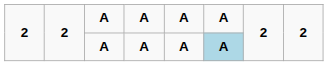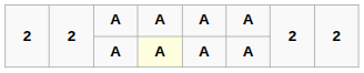 <table class="wikitable" style="margin:1em auto">
 <tr align="center">
 <td width="40" height="60" rowspan=2><strong>2</strong></td>
 <td width="40" height="60" rowspan=2><strong>2</strong></td>
 <td width="40"><strong>A</strong></td>
 <td width="40"><strong>A</strong></td>
 <td width="40"><strong>A</strong></td>
 <td width="40"><strong>A</strong></td>
 <td width="40" rowspan=2><strong>2</strong></td>
 <td width="40" rowspan=2><strong>2</strong></td>
 </tr>
 <tr align="center">
 <td><strong>A</strong></td>
+<td style="background: lightyellow;"><strong>A</strong></td>
 <td><strong>A</strong></td>
 <td><strong>A</strong></td>
-<td style="background: lightblue;"><strong>A</strong></td>
 </tr>
 </table>
